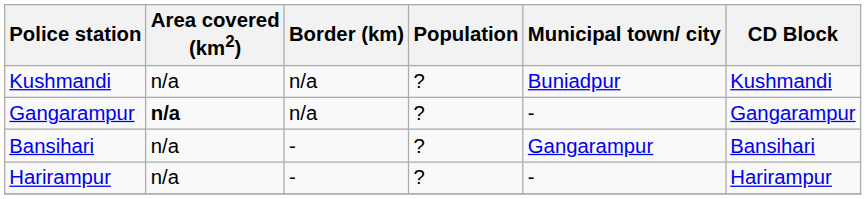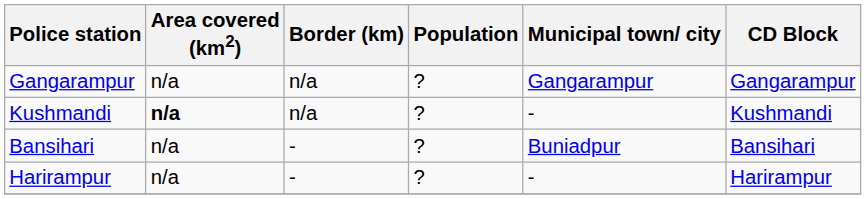 <table class="wikitable sortable">
 <tr>
 <th>Police station</th>
 <th>Area covered<br>(km<sup>2</sup>)</th>
 <th>Border (km)</th>
 <th>Population</th>
 <th>Municipal town/ city</th>
 <th>CD Block</th>
 </tr>
 <tr>
-<td><a href='#'>Kushmandi</a></td>
+<td><a href='#'>Gangarampur</a></td>
 <td>n/a</td>
 <td>n/a</td>
 <td>?</td>
-<td><a href='#'>Buniadpur</a></td>
-<td><a href='#'>Kushmandi</a></td>
+<td><a href='#'>Gangarampur</a></td>
+<td><a href='#'>Gangarampur</a></td>
 </tr>
 <tr>
-<td><a href='#'>Gangarampur</a></td>
+<td><a href='#'>Kushmandi</a></td>
 <td><strong>n/a</strong></td>
 <td>n/a</td>
 <td>?</td>
 <td>-</td>
-<td><a href='#'>Gangarampur</a></td>
+<td><a href='#'>Kushmandi</a></td>
 </tr>
 <tr>
 <td><a href='#'>Bansihari</a></td>
 <td>n/a</td>
 <td>-</td>
 <td>?</td>
-<td><a href='#'>Gangarampur</a></td>
+<td><a href='#'>Buniadpur</a></td>
 <td><a href='#'>Bansihari</a></td>
 </tr>
 <tr>
 <td><a href='#'>Harirampur</a></td>
 <td>n/a</td>
 <td>-</td>
 <td>?</td>
 <td>-</td>
 <td><a href='#'>Harirampur</a></td>
 </tr>
 <tr>
 </tr>
 </table>
